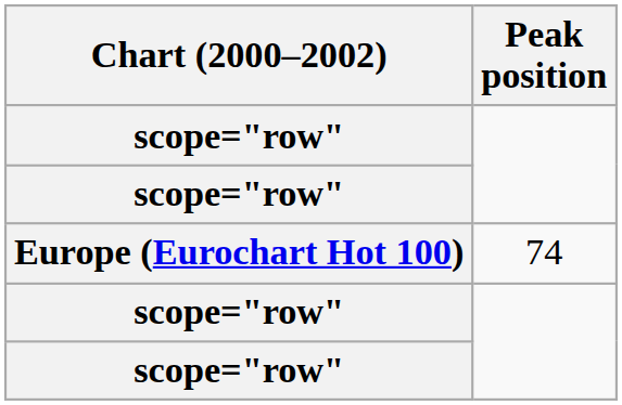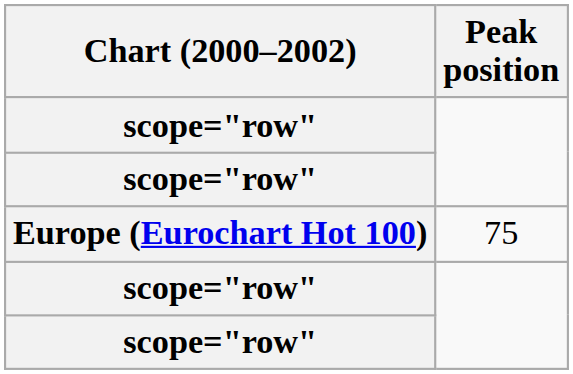 <table class="wikitable sortable plainrowheaders" style="text-align:center">
 <tr>
 <th scope="col">Chart (2000–2002)</th>
 <th scope="col">Peak<br>position</th>
 </tr>
 <tr>
 <th>scope="row"</th>
 </tr>
 <tr>
 <th>scope="row"</th>
 </tr>
 <tr>
 <th scope="row">Europe (<a href='#'>Eurochart Hot 100</a>)</th>
-<td>74</td>
+<td>75</td>
 </tr>
 <tr>
 <th>scope="row"</th>
 </tr>
 <tr>
 <th>scope="row"</th>
 </tr>
 </table>
